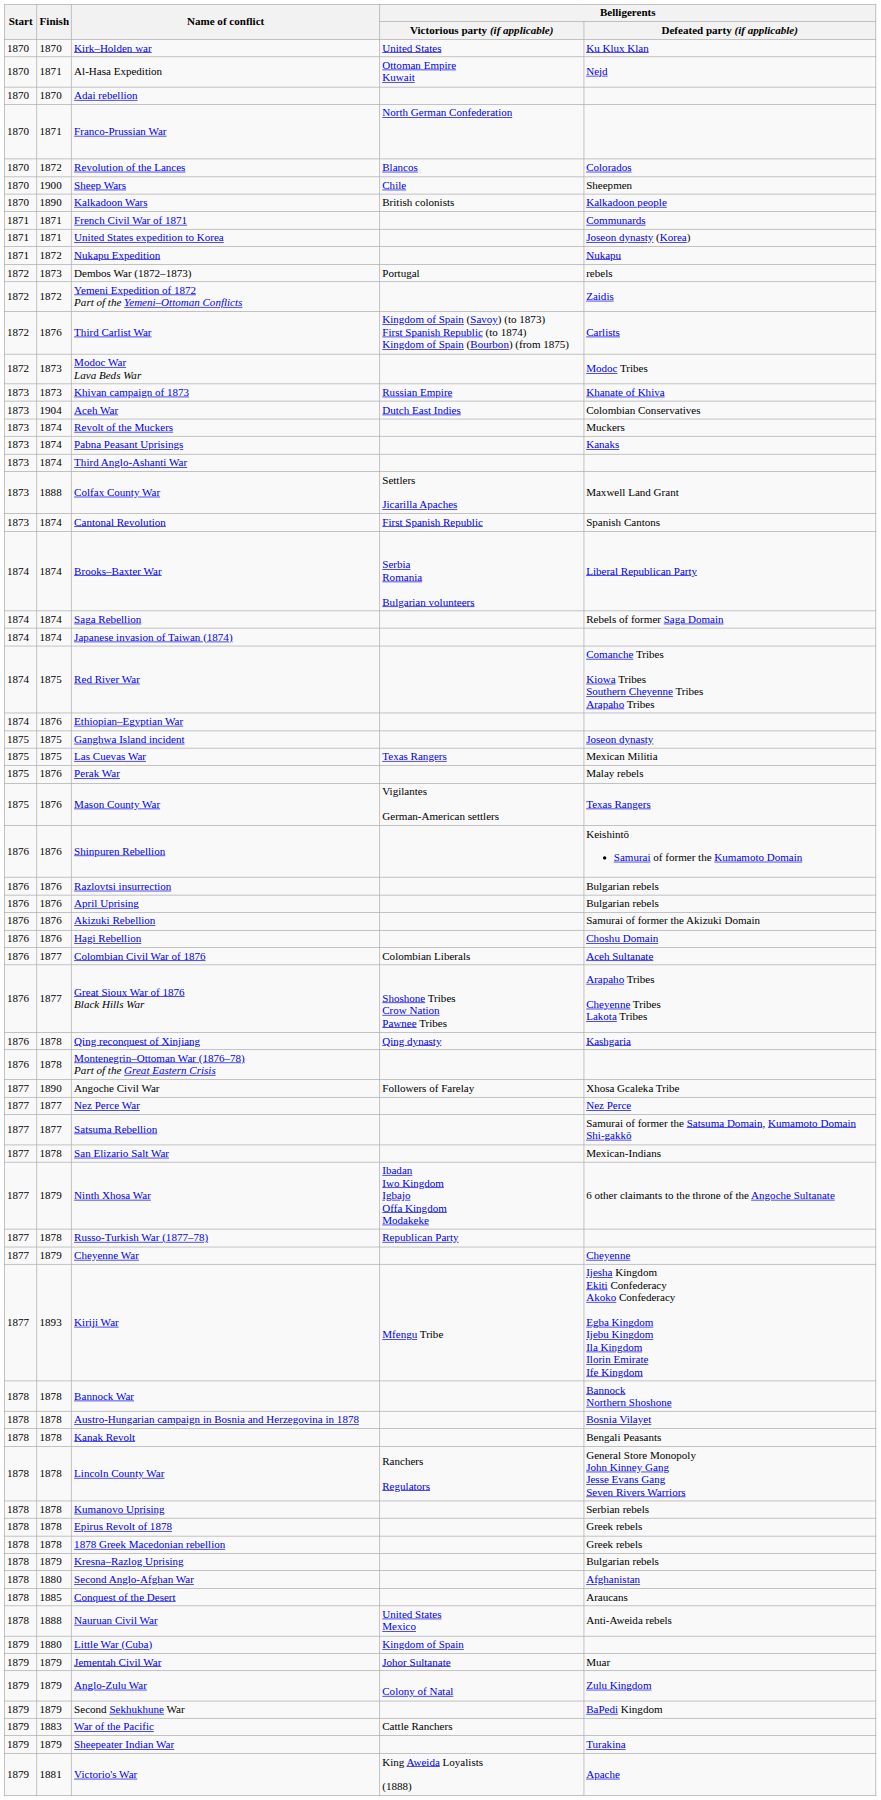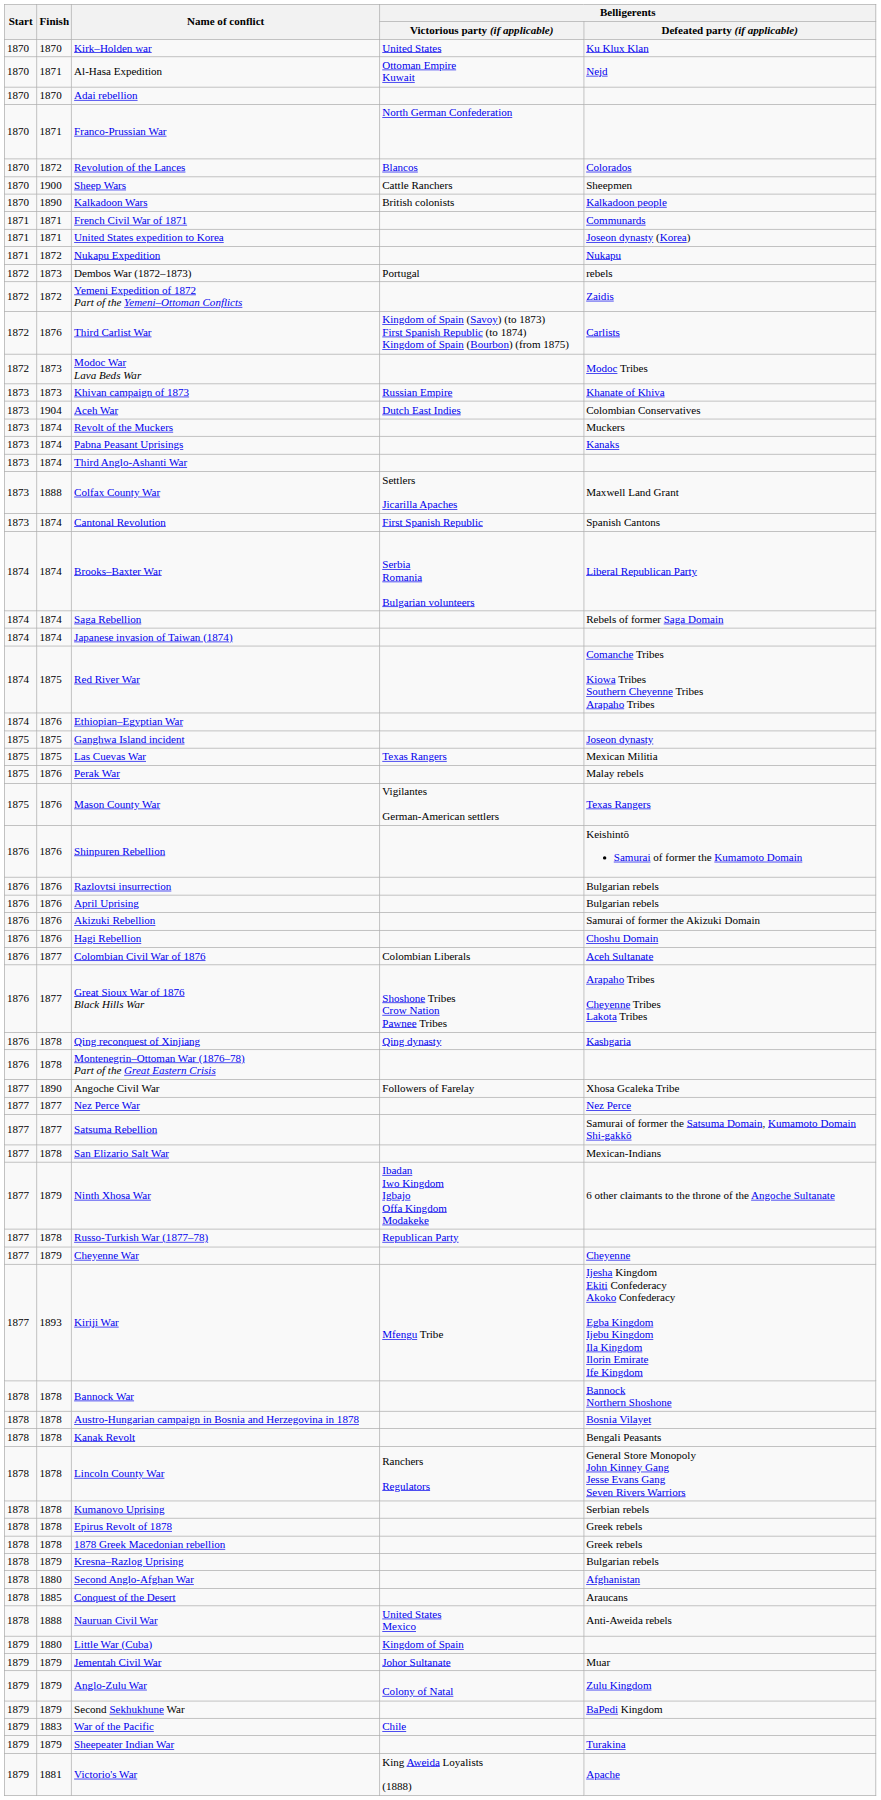 <table class="wikitable sortable" width="100%">
 <tr>
 <th rowspan="2" width="40">Start</th>
 <th rowspan="2" width="40">Finish</th>
 <th rowspan="2" class="unsortable">Name of conflict</th>
 <th colspan="2" class="unsortable">Belligerents</th>
 </tr>
 <tr>
 <th>Victorious party <em>(if applicable)</em></th>
 <th>Defeated party <em>(if applicable)</em></th>
 </tr>
 <tr>
 <td>1870</td>
 <td>1870</td>
 <td><a href='#'>Kirk–Holden war</a></td>
 <td> <a href='#'>United States</a></td>
 <td> <a href='#'>Ku Klux Klan</a></td>
 </tr>
 <tr>
 <td>1870</td>
 <td>1871</td>
 <td>Al-Hasa Expedition</td>
 <td> <a href='#'>Ottoman Empire</a><br> <a href='#'>Kuwait</a></td>
 <td> <a href='#'>Nejd</a></td>
 </tr>
 <tr>
 <td>1870</td>
 <td>1870</td>
 <td><a href='#'>Adai rebellion</a></td>
 <td></td>
 <td></td>
 </tr>
 <tr>
 <td>1870</td>
 <td>1871</td>
 <td><a href='#'>Franco-Prussian War</a></td>
 <td> <a href='#'>North German Confederation</a><br><br><br> <br> </td>
 <td></td>
 </tr>
 <tr>
 <td>1870</td>
 <td>1872</td>
 <td><a href='#'>Revolution of the Lances</a></td>
 <td> <a href='#'>Blancos</a></td>
 <td> <a href='#'>Colorados</a></td>
 </tr>
 <tr>
 <td>1870</td>
 <td>1900</td>
 <td><a href='#'>Sheep Wars</a></td>
-<td> <a href='#'>Chile</a></td>
+<td> Cattle Ranchers</td>
 <td> Sheepmen</td>
 </tr>
 <tr>
 <td>1870</td>
 <td>1890</td>
 <td><a href='#'>Kalkadoon Wars</a></td>
 <td>British colonists</td>
 <td><a href='#'>Kalkadoon people</a></td>
 </tr>
 <tr>
 <td>1871</td>
 <td>1871</td>
 <td><a href='#'>French Civil War of 1871</a></td>
 <td></td>
 <td> <a href='#'>Communards</a></td>
 </tr>
 <tr>
 <td>1871</td>
 <td>1871</td>
 <td><a href='#'>United States expedition to Korea</a></td>
 <td></td>
 <td> <a href='#'>Joseon dynasty</a> (<a href='#'>Korea</a>)</td>
 </tr>
 <tr>
 <td>1871</td>
 <td>1872</td>
 <td><a href='#'>Nukapu Expedition</a></td>
 <td></td>
 <td><a href='#'>Nukapu</a></td>
 </tr>
 <tr>
 <td>1872</td>
 <td>1873</td>
 <td>Dembos War (1872–1873)</td>
 <td>Portugal</td>
 <td>rebels</td>
 </tr>
 <tr>
 <td>1872</td>
 <td>1872</td>
 <td><a href='#'>Yemeni Expedition of 1872</a><br><em>Part of the <a href='#'>Yemeni–Ottoman Conflicts</a></em></td>
 <td></td>
 <td><a href='#'>Zaidis</a></td>
 </tr>
 <tr>
 <td>1872</td>
 <td>1876</td>
 <td><a href='#'>Third Carlist War</a></td>
 <td> <a href='#'>Kingdom of Spain</a> (<a href='#'>Savoy</a>) (to 1873)<br> <a href='#'>First Spanish Republic</a> (to 1874)<br> <a href='#'>Kingdom of Spain</a> (<a href='#'>Bourbon</a>) (from 1875)</td>
 <td> <a href='#'>Carlists</a></td>
 </tr>
 <tr>
 <td>1872</td>
 <td>1873</td>
 <td><a href='#'>Modoc War</a><br><em>Lava Beds War</em></td>
 <td></td>
 <td><a href='#'>Modoc</a> Tribes</td>
 </tr>
 <tr>
 <td>1873</td>
 <td>1873</td>
 <td><a href='#'>Khivan campaign of 1873</a></td>
 <td> <a href='#'>Russian Empire</a></td>
 <td><a href='#'>Khanate of Khiva</a></td>
 </tr>
 <tr>
 <td>1873</td>
 <td>1904</td>
 <td><a href='#'>Aceh War</a></td>
 <td> <a href='#'>Dutch East Indies</a></td>
 <td>Colombian Conservatives</td>
 </tr>
 <tr>
 <td>1873</td>
 <td>1874</td>
 <td><a href='#'>Revolt of the Muckers</a></td>
 <td></td>
 <td>Muckers</td>
 </tr>
 <tr>
 <td>1873</td>
 <td>1874</td>
 <td><a href='#'>Pabna Peasant Uprisings</a></td>
 <td></td>
 <td><a href='#'>Kanaks</a></td>
 </tr>
 <tr>
 <td>1873</td>
 <td>1874</td>
 <td><a href='#'>Third Anglo-Ashanti War</a></td>
 <td></td>
 <td></td>
 </tr>
 <tr>
 <td>1873</td>
 <td>1888</td>
 <td><a href='#'>Colfax County War</a></td>
 <td> Settlers<br><br><a href='#'>Jicarilla Apaches</a></td>
 <td> Maxwell Land Grant</td>
 </tr>
 <tr>
 <td>1873</td>
 <td>1874</td>
 <td><a href='#'>Cantonal Revolution</a></td>
 <td> <a href='#'>First Spanish Republic</a></td>
 <td> Spanish Cantons</td>
 </tr>
 <tr>
 <td>1874</td>
 <td>1874</td>
 <td><a href='#'>Brooks–Baxter War</a></td>
 <td><br><br> <a href='#'>Serbia</a><br>  <a href='#'>Romania</a><br> <br>  <a href='#'>Bulgarian volunteers</a></td>
 <td><a href='#'>Liberal Republican Party</a></td>
 </tr>
 <tr>
 <td>1874</td>
 <td>1874</td>
 <td><a href='#'>Saga Rebellion</a></td>
 <td></td>
 <td>Rebels of former <a href='#'>Saga Domain</a></td>
 </tr>
 <tr>
 <td>1874</td>
 <td>1874</td>
 <td><a href='#'>Japanese invasion of Taiwan (1874)</a></td>
 <td></td>
 <td></td>
 </tr>
 <tr>
 <td>1874</td>
 <td>1875</td>
 <td><a href='#'>Red River War</a></td>
 <td></td>
 <td><a href='#'>Comanche</a> Tribes<br><br><a href='#'>Kiowa</a> Tribes<br> <a href='#'>Southern Cheyenne</a> Tribes<br> <a href='#'>Arapaho</a> Tribes</td>
 </tr>
 <tr>
 <td>1874</td>
 <td>1876</td>
 <td><a href='#'>Ethiopian–Egyptian War</a></td>
 <td></td>
 <td></td>
 </tr>
 <tr>
 <td>1875</td>
 <td>1875</td>
 <td><a href='#'>Ganghwa Island incident</a></td>
 <td></td>
 <td> <a href='#'>Joseon dynasty</a></td>
 </tr>
 <tr>
 <td>1875</td>
 <td>1875</td>
 <td><a href='#'>Las Cuevas War</a></td>
 <td> <a href='#'>Texas Rangers</a></td>
 <td> Mexican Militia</td>
 </tr>
 <tr>
 <td>1875</td>
 <td>1876</td>
 <td><a href='#'>Perak War</a></td>
 <td></td>
 <td>Malay rebels</td>
 </tr>
 <tr>
 <td>1875</td>
 <td>1876</td>
 <td><a href='#'>Mason County War</a></td>
 <td> Vigilantes<br><br> German-American settlers<br></td>
 <td> <a href='#'>Texas Rangers</a></td>
 </tr>
 <tr>
 <td>1876</td>
 <td>1876</td>
 <td><a href='#'>Shinpuren Rebellion</a></td>
 <td></td>
 <td>Keishintō<br><ul><li><a href='#'>Samurai</a> of former the <a href='#'>Kumamoto Domain</a></li></ul></td>
 </tr>
 <tr>
 <td>1876</td>
 <td>1876</td>
 <td><a href='#'>Razlovtsi insurrection</a></td>
 <td></td>
 <td> Bulgarian rebels</td>
 </tr>
 <tr>
 <td>1876</td>
 <td>1876</td>
 <td><a href='#'>April Uprising</a></td>
 <td></td>
 <td> Bulgarian rebels</td>
 </tr>
 <tr>
 <td>1876</td>
 <td>1876</td>
 <td><a href='#'>Akizuki Rebellion</a></td>
 <td></td>
 <td>Samurai of former the Akizuki Domain</td>
 </tr>
 <tr>
 <td>1876</td>
 <td>1876</td>
 <td><a href='#'>Hagi Rebellion</a></td>
 <td></td>
 <td><a href='#'>Choshu Domain</a></td>
 </tr>
 <tr>
 <td>1876</td>
 <td>1877</td>
 <td><a href='#'>Colombian Civil War of 1876</a></td>
 <td>Colombian Liberals</td>
 <td> <a href='#'>Aceh Sultanate</a></td>
 </tr>
 <tr>
 <td>1876</td>
 <td>1877</td>
 <td><a href='#'>Great Sioux War of 1876</a><br><em>Black Hills War</em></td>
 <td><br><br><a href='#'>Shoshone</a> Tribes <br> <a href='#'>Crow Nation</a><br> <a href='#'>Pawnee</a> Tribes <br></td>
 <td><a href='#'>Arapaho</a> Tribes<br><br><a href='#'>Cheyenne</a> Tribes <br> <a href='#'>Lakota</a> Tribes <br></td>
 </tr>
 <tr>
 <td>1876</td>
 <td>1878</td>
 <td><a href='#'>Qing reconquest of Xinjiang</a></td>
 <td> <a href='#'>Qing dynasty</a></td>
 <td><a href='#'>Kashgaria</a></td>
 </tr>
 <tr>
 <td>1876</td>
 <td>1878</td>
 <td><a href='#'>Montenegrin–Ottoman War (1876–78)</a><br><em>Part of the <a href='#'>Great Eastern Crisis</a></em></td>
 <td></td>
 <td></td>
 </tr>
 <tr>
 <td>1877</td>
 <td>1890</td>
 <td>Angoche Civil War</td>
 <td>Followers of Farelay</td>
 <td>Xhosa Gcaleka Tribe</td>
 </tr>
 <tr>
 <td>1877</td>
 <td>1877</td>
 <td><a href='#'>Nez Perce War</a></td>
 <td></td>
 <td><a href='#'>Nez Perce</a></td>
 </tr>
 <tr>
 <td>1877</td>
 <td>1877</td>
 <td><a href='#'>Satsuma Rebellion</a></td>
 <td></td>
 <td>Samurai of former the <a href='#'>Satsuma Domain</a>, <a href='#'>Kumamoto Domain</a><br><a href='#'>Shi-gakkō</a></td>
 </tr>
 <tr>
 <td>1877</td>
 <td>1878</td>
 <td><a href='#'>San Elizario Salt War</a></td>
 <td></td>
 <td>Mexican-Indians</td>
 </tr>
 <tr>
 <td>1877</td>
 <td>1879</td>
 <td><a href='#'>Ninth Xhosa War</a></td>
 <td><a href='#'>Ibadan</a> <br> <a href='#'>Iwo Kingdom</a> <br> <a href='#'>Igbajo</a> <br> <a href='#'>Offa Kingdom</a> <br> <a href='#'>Modakeke</a></td>
 <td>6 other claimants to the throne of the <a href='#'>Angoche Sultanate</a></td>
 </tr>
 <tr>
 <td>1877</td>
 <td>1878</td>
 <td><a href='#'>Russo-Turkish War (1877–78)</a></td>
 <td><a href='#'>Republican Party</a></td>
 <td></td>
 </tr>
 <tr>
 <td>1877</td>
 <td>1879</td>
 <td><a href='#'>Cheyenne War</a></td>
 <td></td>
 <td><a href='#'>Cheyenne</a></td>
 </tr>
 <tr>
 <td>1877</td>
 <td>1893</td>
 <td><a href='#'>Kiriji War</a></td>
 <td><br><br><a href='#'>Mfengu</a> Tribe</td>
 <td><a href='#'>Ijesha</a> Kingdom <br> <a href='#'>Ekiti</a> Confederacy <br> <a href='#'>Akoko</a> Confederacy<br><br> <a href='#'>Egba Kingdom</a> <br> <a href='#'>Ijebu Kingdom</a> <br> <a href='#'>Ila Kingdom</a> <br> <a href='#'>Ilorin Emirate</a> <br> <a href='#'>Ife Kingdom</a></td>
 </tr>
 <tr>
 <td>1878</td>
 <td>1878</td>
 <td><a href='#'>Bannock War</a></td>
 <td></td>
 <td><a href='#'>Bannock</a><br><a href='#'>Northern Shoshone</a></td>
 </tr>
 <tr>
 <td>1878</td>
 <td>1878</td>
 <td><a href='#'>Austro-Hungarian campaign in Bosnia and Herzegovina in 1878</a></td>
 <td></td>
 <td> <a href='#'>Bosnia Vilayet</a></td>
 </tr>
 <tr>
 <td>1878</td>
 <td>1878</td>
 <td><a href='#'>Kanak Revolt</a></td>
 <td></td>
 <td>Bengali Peasants</td>
 </tr>
 <tr>
 <td>1878</td>
 <td>1878</td>
 <td><a href='#'>Lincoln County War</a></td>
 <td> Ranchers<br><br> <a href='#'>Regulators</a></td>
 <td> General Store Monopoly<br><a href='#'>John Kinney Gang</a><br><a href='#'>Jesse Evans Gang</a><br><a href='#'>Seven Rivers Warriors</a></td>
 </tr>
 <tr>
 <td>1878</td>
 <td>1878</td>
 <td><a href='#'>Kumanovo Uprising</a></td>
 <td></td>
 <td> Serbian rebels</td>
 </tr>
 <tr>
 <td>1878</td>
 <td>1878</td>
 <td><a href='#'>Epirus Revolt of 1878</a></td>
 <td></td>
 <td> Greek rebels</td>
 </tr>
 <tr>
 <td>1878</td>
 <td>1878</td>
 <td><a href='#'>1878 Greek Macedonian rebellion</a></td>
 <td></td>
 <td> Greek rebels</td>
 </tr>
 <tr>
 <td>1878</td>
 <td>1879</td>
 <td><a href='#'>Kresna–Razlog Uprising</a></td>
 <td></td>
 <td> Bulgarian rebels</td>
 </tr>
 <tr>
 <td>1878</td>
 <td>1880</td>
 <td><a href='#'>Second Anglo-Afghan War</a></td>
 <td></td>
 <td> <a href='#'>Afghanistan</a></td>
 </tr>
 <tr>
 <td>1878</td>
 <td>1885</td>
 <td><a href='#'>Conquest of the Desert</a></td>
 <td></td>
 <td> Araucans</td>
 </tr>
 <tr>
 <td>1878</td>
 <td>1888</td>
 <td><a href='#'>Nauruan Civil War</a></td>
 <td> <a href='#'>United States</a><br> <a href='#'>Mexico</a></td>
 <td>Anti-Aweida rebels</td>
 </tr>
 <tr>
 <td>1879</td>
 <td>1880</td>
 <td><a href='#'>Little War (Cuba)</a></td>
 <td> <a href='#'>Kingdom of Spain</a></td>
 <td></td>
 </tr>
 <tr>
 <td>1879</td>
 <td>1879</td>
 <td><a href='#'>Jementah Civil War</a></td>
 <td> <a href='#'>Johor Sultanate</a></td>
 <td>Muar</td>
 </tr>
 <tr>
 <td>1879</td>
 <td>1879</td>
 <td><a href='#'>Anglo-Zulu War</a></td>
 <td><br> <a href='#'>Colony of Natal</a></td>
 <td><a href='#'>Zulu Kingdom</a></td>
 </tr>
 <tr>
 <td>1879</td>
 <td>1879</td>
 <td>Second <a href='#'>Sekhukhune</a> War</td>
 <td><br></td>
 <td><a href='#'>BaPedi</a> Kingdom</td>
 </tr>
 <tr>
 <td>1879</td>
 <td>1883</td>
 <td><a href='#'>War of the Pacific</a></td>
-<td> Cattle Ranchers</td>
+<td> <a href='#'>Chile</a></td>
 <td><br></td>
 </tr>
 <tr>
 <td>1879</td>
 <td>1879</td>
 <td><a href='#'>Sheepeater Indian War</a></td>
 <td></td>
 <td><a href='#'>Turakina</a></td>
 </tr>
 <tr>
 <td>1879</td>
 <td>1881</td>
 <td><a href='#'>Victorio's War</a></td>
 <td>King <a href='#'>Aweida</a> Loyalists<br><br> (1888)</td>
 <td><a href='#'>Apache</a></td>
 </tr>
 </table>
